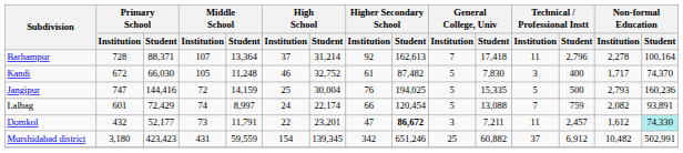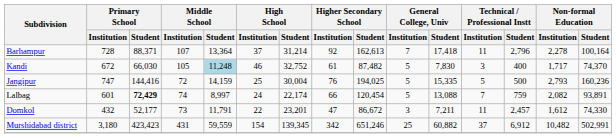 <table class="wikitable" style="text-align:center;font-size: 9pt">
 <tr>
 <th width="110" rowspan="2">Subdivision</th>
 <th colspan="2">Primary<br>School</th>
 <th colspan="2">Middle<br>School</th>
 <th colspan="2">High<br>School</th>
 <th colspan="2">Higher Secondary<br>School</th>
 <th colspan="2">General<br>College, Univ</th>
 <th colspan="2">Technical /<br>Professional Instt</th>
 <th colspan="2">Non-formal<br>Education</th>
 </tr>
 <tr>
 <th width="30">Institution</th>
 <th width="30">Student</th>
 <th width="30">Institution</th>
 <th width="30">Student</th>
 <th width="30">Institution</th>
 <th width="30">Student</th>
 <th width="30">Institution</th>
 <th width="30">Student</th>
 <th width="30">Institution</th>
 <th width="30">Student</th>
 <th width="30">Institution</th>
 <th width="30">Student</th>
 <th width="30">Institution</th>
 <th width="30">Student<br></th>
 </tr>
 <tr>
 <td align=left><a href='#'>Barhampur</a></td>
 <td align="center">728</td>
 <td align="center">88,371</td>
 <td align="center">107</td>
 <td align="center">13,364</td>
 <td align="center">37</td>
 <td align="center">31,214</td>
 <td align="center">92</td>
 <td align="center">162,613</td>
 <td align="center">7</td>
 <td align="center">17,418</td>
 <td align="center">11</td>
 <td align="center">2,796</td>
 <td align="center">2,278</td>
 <td align="center">100,164</td>
 </tr>
 <tr>
 <td align=left><a href='#'>Kandi</a></td>
 <td align="center">672</td>
 <td align="center">66,030</td>
 <td align="center">105</td>
-<td align="center">11,248</td>
+<td align="center" style="background: lightblue;">11,248</td>
 <td align="center">46</td>
 <td align="center">32,752</td>
 <td align="center">61</td>
 <td align="center">87,482</td>
 <td align="center">5</td>
 <td align="center">7,830</td>
 <td align="center">3</td>
 <td align="center">400</td>
 <td align="center">1,717</td>
 <td align="center">74,370</td>
 </tr>
 <tr>
 <td align=left><a href='#'>Jangipur</a></td>
 <td align="center">747</td>
 <td align="center">144,416</td>
 <td align="center">72</td>
 <td align="center">14,159</td>
 <td align="center">25</td>
 <td align="center">30,004</td>
 <td align="center">76</td>
 <td align="center">194,025</td>
 <td align="center">5</td>
 <td align="center">15,335</td>
 <td align="center">5</td>
 <td align="center">500</td>
 <td align="center">2,793</td>
 <td align="center">160,236</td>
 </tr>
 <tr>
 <td align=left>Lalbag</td>
 <td align="center">601</td>
-<td align="center">72,429</td>
+<td align="center"><strong>72,429</strong></td>
 <td align="center">74</td>
 <td align="center">8,997</td>
 <td align="center">24</td>
 <td align="center">22,174</td>
 <td align="center">66</td>
 <td align="center">120,454</td>
 <td align="center">5</td>
 <td align="center">13,088</td>
 <td align="center">7</td>
 <td align="center">759</td>
 <td align="center">2,082</td>
 <td align="center">93,891</td>
 </tr>
 <tr>
 <td align=left><a href='#'>Domkol</a></td>
 <td align="center">432</td>
 <td align="center">52,177</td>
 <td align="center">73</td>
 <td align="center">11,791</td>
 <td align="center">22</td>
 <td align="center">23,201</td>
 <td align="center">47</td>
-<td align="center"><strong>86,672</strong></td>
+<td align="center">86,672</td>
 <td align="center">3</td>
 <td align="center">7,211</td>
 <td align="center">11</td>
 <td align="center">2,457</td>
 <td align="center">1,612</td>
-<td align="center" style="background: paleturquoise;">74,330</td>
+<td align="center">74,330</td>
 </tr>
 <tr>
 <td align=left><a href='#'>Murshidabad district</a></td>
 <td align="center">3,180</td>
 <td align="center">423,423</td>
 <td align="center">431</td>
 <td align="center">59,559</td>
 <td align="center">154</td>
 <td align="center">139,345</td>
 <td align="center">342</td>
 <td align="center">651,246</td>
 <td align="center">25</td>
 <td align="center">60,882</td>
 <td align="center">37</td>
 <td align="center">6,912</td>
 <td align="center">10,482</td>
 <td align="center">502,991</td>
 </tr>
 <tr>
 </tr>
 </table>
